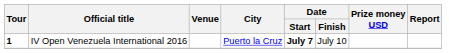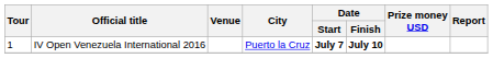 <table class=wikitable style="font-size:95%">
 <tr>
 <th rowspan=2>Tour</th>
 <th rowspan=2>Official title</th>
 <th rowspan=2>Venue</th>
 <th rowspan=2>City</th>
 <th colspan=2>Date</th>
 <th rowspan=2>Prize money <br><a href='#'>USD</a></th>
 <th rowspan=2>Report</th>
 </tr>
 <tr>
 <th>Start</th>
 <th>Finish</th>
 </tr>
 <tr bgcolor=white>
-<td><strong>1</strong></td>
+<td>1</td>
 <td> IV Open Venezuela International 2016</td>
 <td></td>
 <td><a href='#'>Puerto la Cruz</a></td>
 <td><strong>July 7</strong></td>
-<td>July 10</td>
+<td><strong>July 10</strong></td>
 <td></td>
 <td></td>
 </tr>
 <tr bgcolor=white>
 </tr>
 </table>
